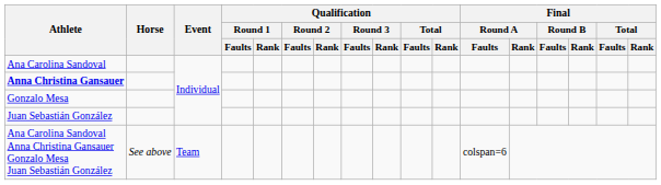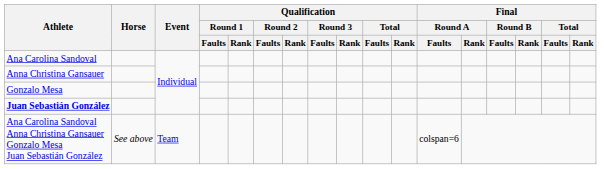 <table class=wikitable style=font-size:90%;text-align:center>
 <tr>
 <th rowspan=3>Athlete</th>
 <th rowspan=3>Horse</th>
 <th rowspan=3>Event</th>
 <th colspan=8>Qualification</th>
 <th colspan=6>Final</th>
 </tr>
 <tr style=font-size:95%>
 <th colspan=2>Round 1</th>
 <th colspan=2>Round 2</th>
 <th colspan=2>Round 3</th>
 <th colspan=2>Total</th>
 <th colspan=2>Round A</th>
 <th colspan=2>Round B</th>
 <th colspan=2>Total</th>
 </tr>
 <tr style=font-size:95%>
 <th>Faults</th>
 <th>Rank</th>
 <th>Faults</th>
 <th>Rank</th>
 <th>Faults</th>
 <th>Rank</th>
 <th>Faults</th>
 <th>Rank</th>
 <th>Faults</th>
 <th>Rank</th>
 <th>Faults</th>
 <th>Rank</th>
 <th>Faults</th>
 <th>Rank</th>
 </tr>
 <tr>
 <td align=left><a href='#'>Ana Carolina Sandoval</a></td>
 <td align=left></td>
 <td align=left rowspan=4><a href='#'>Individual</a></td>
 <td></td>
 <td></td>
 <td></td>
 <td></td>
 <td></td>
 <td></td>
 <td></td>
 <td></td>
 <td></td>
 <td></td>
 <td></td>
 <td></td>
 <td></td>
 <td></td>
 </tr>
 <tr>
-<td align=left><strong><a href='#'>Anna Christina Gansauer</a></strong></td>
+<td align=left><a href='#'>Anna Christina Gansauer</a></td>
 <td align=left></td>
 <td></td>
 <td></td>
 <td></td>
 <td></td>
 <td></td>
 <td></td>
 <td></td>
 <td></td>
 <td></td>
 <td></td>
 <td></td>
 <td></td>
 <td></td>
 <td></td>
 </tr>
 <tr>
 <td align=left><a href='#'>Gonzalo Mesa</a></td>
 <td align=left></td>
 <td></td>
 <td></td>
 <td></td>
 <td></td>
 <td></td>
 <td></td>
 <td></td>
 <td></td>
 <td></td>
 <td></td>
 <td></td>
 <td></td>
 <td></td>
 <td></td>
 </tr>
 <tr>
-<td align=left><a href='#'>Juan Sebastián González</a></td>
+<td align=left><strong><a href='#'>Juan Sebastián González</a></strong></td>
 <td align=left></td>
 <td></td>
 <td></td>
 <td></td>
 <td></td>
 <td></td>
 <td></td>
 <td></td>
 <td></td>
 <td></td>
 <td></td>
 <td></td>
 <td></td>
 <td></td>
 <td></td>
 </tr>
 <tr>
 <td align=left><a href='#'>Ana Carolina Sandoval</a><br><a href='#'>Anna Christina Gansauer</a><br><a href='#'>Gonzalo Mesa</a><br><a href='#'>Juan Sebastián González</a></td>
 <td align=left><em>See above</em></td>
 <td align=left><a href='#'>Team</a></td>
 <td></td>
 <td></td>
 <td></td>
 <td></td>
 <td></td>
 <td></td>
 <td></td>
 <td></td>
 <td>colspan=6 </td>
 </tr>
 </table>
